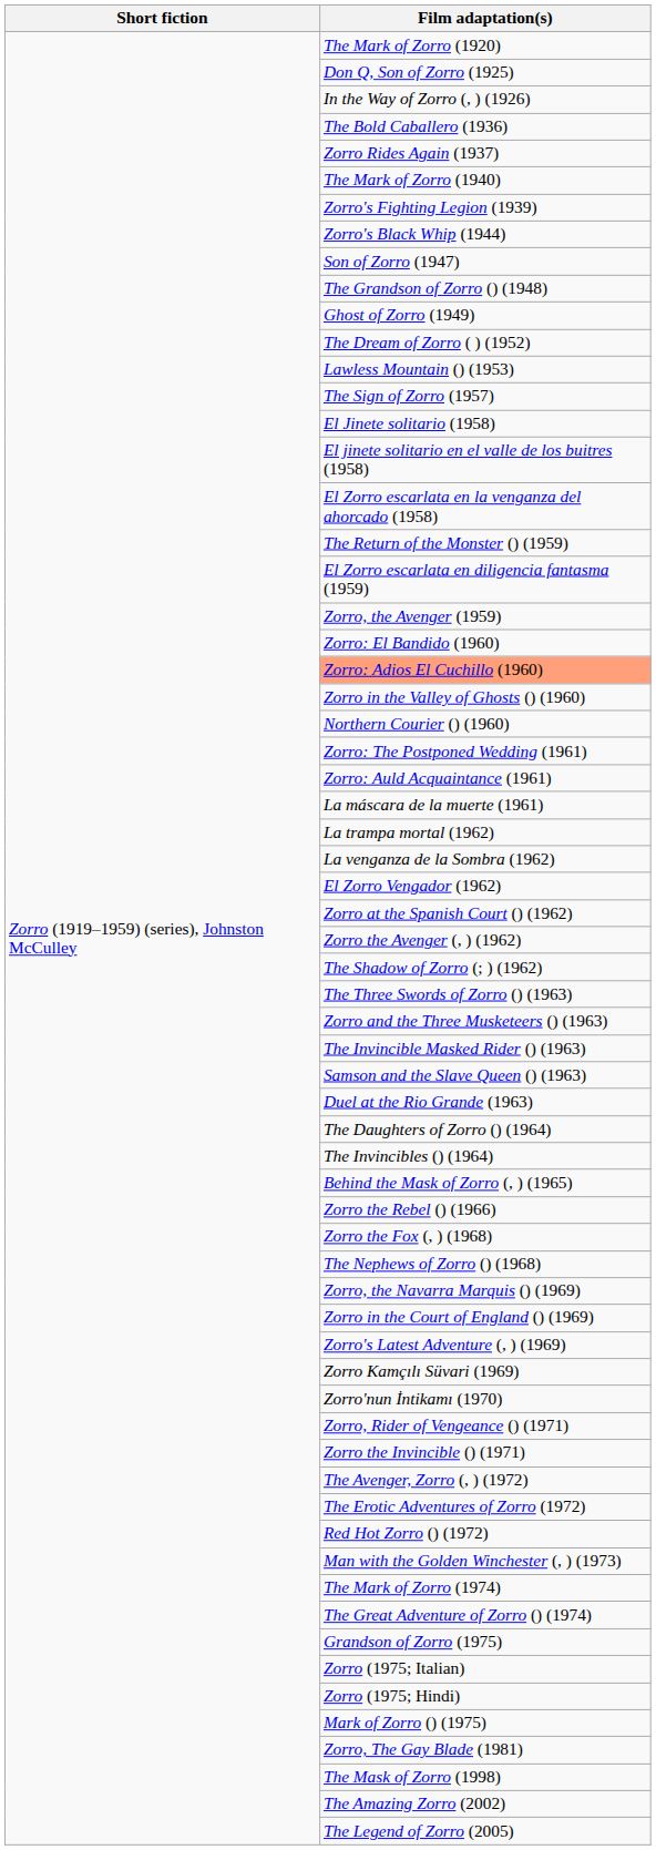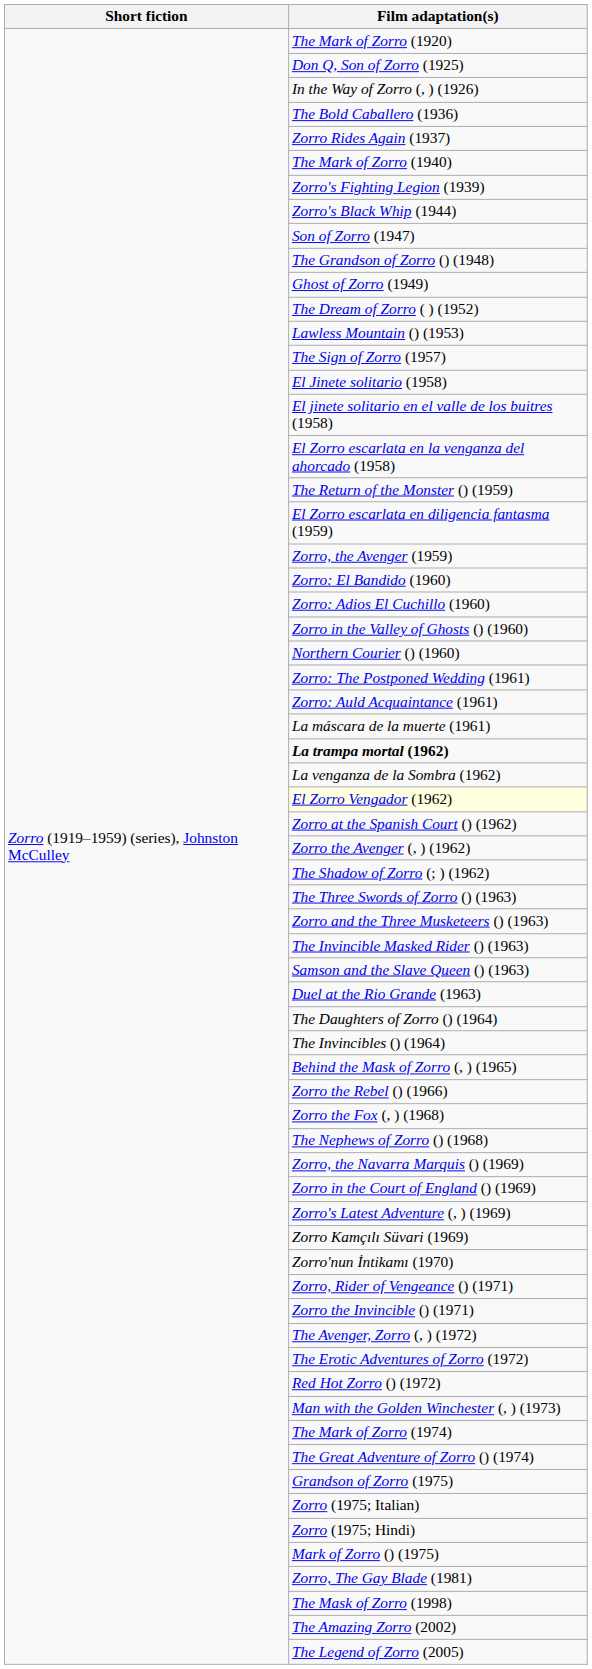 <table class="wikitable">
 <tr>
 <th width="600">Short fiction</th>
 <th width="600">Film adaptation(s)</th>
 </tr>
 <tr>
 <td rowspan="65"><em><a href='#'>Zorro</a></em> (1919–1959) (series), <a href='#'>Johnston McCulley</a></td>
 <td><em><a href='#'>The Mark of Zorro</a></em> (1920)</td>
 </tr>
 <tr>
 <td><em><a href='#'>Don Q, Son of Zorro</a></em> (1925)</td>
 </tr>
 <tr>
 <td><em>In the Way of Zorro</em> (, ) (1926)</td>
 </tr>
 <tr>
 <td><em><a href='#'>The Bold Caballero</a></em> (1936)</td>
 </tr>
 <tr>
 <td><em><a href='#'>Zorro Rides Again</a></em> (1937)</td>
 </tr>
 <tr>
 <td><em><a href='#'>The Mark of Zorro</a></em> (1940)</td>
 </tr>
 <tr>
 <td><em><a href='#'>Zorro's Fighting Legion</a></em> (1939)</td>
 </tr>
 <tr>
 <td><em><a href='#'>Zorro's Black Whip</a></em> (1944)</td>
 </tr>
 <tr>
 <td><em><a href='#'>Son of Zorro</a></em> (1947)</td>
 </tr>
 <tr>
 <td><em><a href='#'>The Grandson of Zorro</a></em> () (1948)</td>
 </tr>
 <tr>
 <td><em><a href='#'>Ghost of Zorro</a></em> (1949)</td>
 </tr>
 <tr>
 <td><em><a href='#'>The Dream of Zorro</a></em> ( ) (1952)</td>
 </tr>
 <tr>
 <td><em><a href='#'>Lawless Mountain</a></em> () (1953)</td>
 </tr>
 <tr>
 <td><em><a href='#'>The Sign of Zorro</a></em> (1957)</td>
 </tr>
 <tr>
 <td><em><a href='#'>El Jinete solitario</a></em> (1958)</td>
 </tr>
 <tr>
 <td><em><a href='#'>El jinete solitario en el valle de los buitres</a></em> (1958)</td>
 </tr>
 <tr>
 <td><em><a href='#'>El Zorro escarlata en la venganza del ahorcado</a></em> (1958)</td>
 </tr>
 <tr>
 <td><em><a href='#'>The Return of the Monster</a></em> () (1959)</td>
 </tr>
 <tr>
 <td><em><a href='#'>El Zorro escarlata en diligencia fantasma</a></em> (1959)</td>
 </tr>
 <tr>
 <td><em><a href='#'>Zorro, the Avenger</a></em> (1959)</td>
 </tr>
 <tr>
 <td><em><a href='#'>Zorro: El Bandido</a></em> (1960)</td>
 </tr>
 <tr>
-<td style="background: lightsalmon;"><em><a href='#'>Zorro: Adios El Cuchillo</a></em> (1960)</td>
+<td><em><a href='#'>Zorro: Adios El Cuchillo</a></em> (1960)</td>
 </tr>
 <tr>
 <td><em><a href='#'>Zorro in the Valley of Ghosts</a></em> () (1960)</td>
 </tr>
 <tr>
 <td><em><a href='#'>Northern Courier</a></em> () (1960)</td>
 </tr>
 <tr>
 <td><em><a href='#'>Zorro: The Postponed Wedding</a></em> (1961)</td>
 </tr>
 <tr>
 <td><em><a href='#'>Zorro: Auld Acquaintance</a></em> (1961)</td>
 </tr>
 <tr>
 <td><em>La máscara de la muerte</em> (1961)</td>
 </tr>
 <tr>
-<td><em>La trampa mortal</em> (1962)</td>
+<td><strong><em>La trampa mortal</em> (1962)</strong></td>
 </tr>
 <tr>
 <td><em>La venganza de la Sombra</em> (1962)</td>
 </tr>
 <tr>
-<td><em><a href='#'>El Zorro Vengador</a></em> (1962)</td>
+<td style="background: lightyellow;"><em><a href='#'>El Zorro Vengador</a></em> (1962)</td>
 </tr>
 <tr>
 <td><em><a href='#'>Zorro at the Spanish Court</a></em> () (1962)</td>
 </tr>
 <tr>
 <td><em><a href='#'>Zorro the Avenger</a></em> (, ) (1962)</td>
 </tr>
 <tr>
 <td><em><a href='#'>The Shadow of Zorro</a></em> (; ) (1962)</td>
 </tr>
 <tr>
 <td><em><a href='#'>The Three Swords of Zorro</a></em> () (1963)</td>
 </tr>
 <tr>
 <td><em><a href='#'>Zorro and the Three Musketeers</a></em> () (1963)</td>
 </tr>
 <tr>
 <td><em><a href='#'>The Invincible Masked Rider</a></em> () (1963)</td>
 </tr>
 <tr>
 <td><em><a href='#'>Samson and the Slave Queen</a></em> () (1963)</td>
 </tr>
 <tr>
 <td><em><a href='#'>Duel at the Rio Grande</a></em> (1963)</td>
 </tr>
 <tr>
 <td><em>The Daughters of Zorro</em> () (1964)</td>
 </tr>
 <tr>
 <td><em>The Invincibles</em> () (1964)</td>
 </tr>
 <tr>
 <td><em><a href='#'>Behind the Mask of Zorro</a></em> (, ) (1965)</td>
 </tr>
 <tr>
 <td><em><a href='#'>Zorro the Rebel</a></em> () (1966)</td>
 </tr>
 <tr>
 <td><em><a href='#'>Zorro the Fox</a></em> (, ) (1968)</td>
 </tr>
 <tr>
 <td><em><a href='#'>The Nephews of Zorro</a></em> () (1968)</td>
 </tr>
 <tr>
 <td><em><a href='#'>Zorro, the Navarra Marquis</a></em> () (1969)</td>
 </tr>
 <tr>
 <td><em><a href='#'>Zorro in the Court of England</a></em> () (1969)</td>
 </tr>
 <tr>
 <td><em><a href='#'>Zorro's Latest Adventure</a></em> (, ) (1969)</td>
 </tr>
 <tr>
 <td><em>Zorro Kamçılı Süvari</em> (1969)</td>
 </tr>
 <tr>
 <td><em>Zorro'nun İntikamı</em> (1970)</td>
 </tr>
 <tr>
 <td><em><a href='#'>Zorro, Rider of Vengeance</a></em> () (1971)</td>
 </tr>
 <tr>
 <td><em><a href='#'>Zorro the Invincible</a></em> () (1971)</td>
 </tr>
 <tr>
 <td><em><a href='#'>The Avenger, Zorro</a></em> (, ) (1972)</td>
 </tr>
 <tr>
 <td><em><a href='#'>The Erotic Adventures of Zorro</a></em> (1972)</td>
 </tr>
 <tr>
 <td><em><a href='#'>Red Hot Zorro</a></em> () (1972)</td>
 </tr>
 <tr>
 <td><em><a href='#'>Man with the Golden Winchester</a></em> (, ) (1973)</td>
 </tr>
 <tr>
 <td><em><a href='#'>The Mark of Zorro</a></em> (1974)</td>
 </tr>
 <tr>
 <td><em><a href='#'>The Great Adventure of Zorro</a></em> () (1974)</td>
 </tr>
 <tr>
 <td><em><a href='#'>Grandson of Zorro</a></em> (1975)</td>
 </tr>
 <tr>
 <td><em><a href='#'>Zorro</a></em> (1975; Italian)</td>
 </tr>
 <tr>
 <td><em><a href='#'>Zorro</a></em> (1975; Hindi)</td>
 </tr>
 <tr>
 <td><em><a href='#'>Mark of Zorro</a></em> () (1975)</td>
 </tr>
 <tr>
 <td><em><a href='#'>Zorro, The Gay Blade</a></em> (1981)</td>
 </tr>
 <tr>
 <td><em><a href='#'>The Mask of Zorro</a></em> (1998)</td>
 </tr>
 <tr>
 <td><em><a href='#'>The Amazing Zorro</a></em> (2002)</td>
 </tr>
 <tr>
 <td><em><a href='#'>The Legend of Zorro</a></em> (2005)</td>
 </tr>
 </table>
